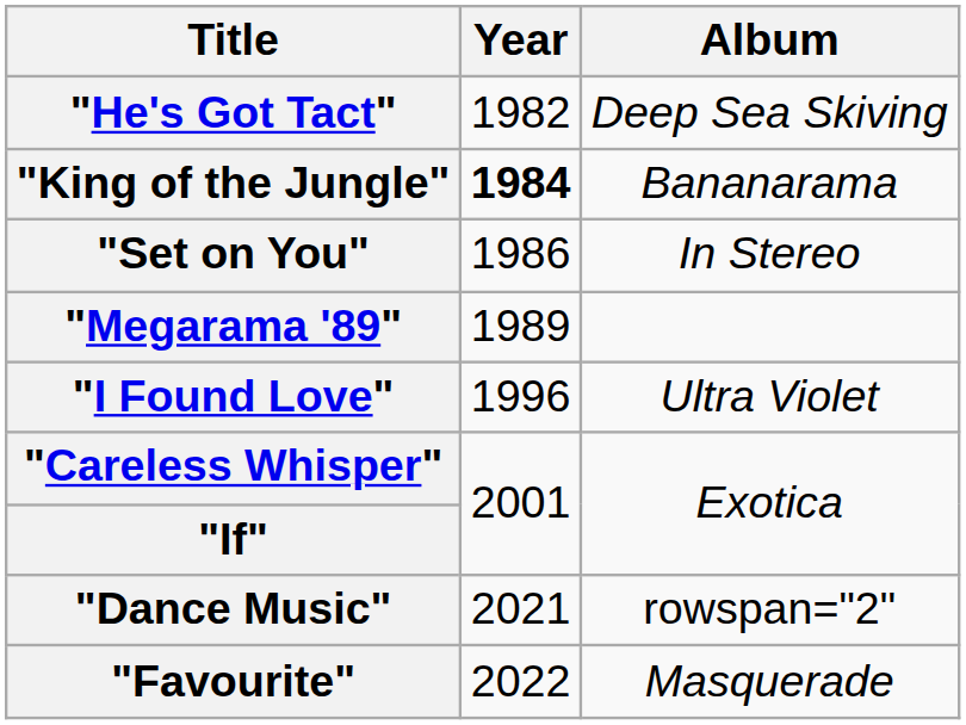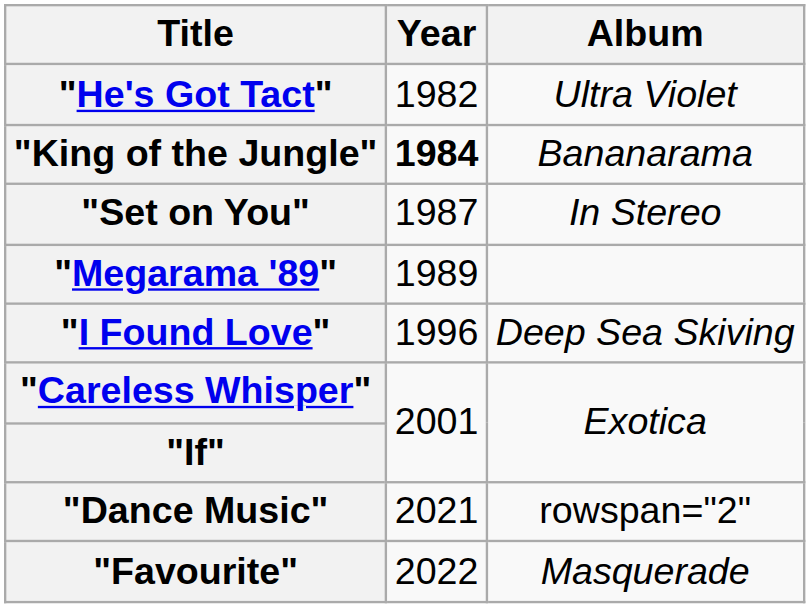 <table class="wikitable plainrowheaders" style="text-align:center;">
 <tr>
 <th scope="col" lstyle="width:14em;">Title</th>
 <th scope="col">Year</th>
 <th scope="col">Album</th>
 </tr>
 <tr>
 <th scope="row">"<a href='#'>He's Got Tact</a>"</th>
 <td>1982</td>
-<td><em>Deep Sea Skiving</em></td>
+<td><em>Ultra Violet</em></td>
 </tr>
 <tr>
 <th scope="row">"King of the Jungle"</th>
 <td><strong>1984</strong></td>
 <td><em>Bananarama</em></td>
 </tr>
 <tr>
 <th scope="row">"Set on You"</th>
-<td>1986</td>
+<td>1987</td>
 <td><em>In Stereo</em></td>
 </tr>
 <tr>
 <th scope="row">"<a href='#'>Megarama '89</a>"</th>
 <td>1989</td>
 </tr>
 <tr>
 <th scope="row">"<a href='#'>I Found Love</a>"</th>
 <td>1996</td>
-<td><em>Ultra Violet</em></td>
+<td><em>Deep Sea Skiving</em></td>
 </tr>
 <tr>
 <th scope="row">"<a href='#'>Careless Whisper</a>"</th>
 <td rowspan="2">2001</td>
 <td rowspan="2"><em>Exotica</em></td>
 </tr>
 <tr>
 <th scope="row">"If"</th>
 </tr>
 <tr>
 <th scope="row">"Dance Music"</th>
 <td>2021</td>
 <td>rowspan="2" </td>
 </tr>
 <tr>
 <th scope="row">"Favourite"</th>
 <td>2022</td>
 <td><em>Masquerade</em></td>
 </tr>
 </table>
